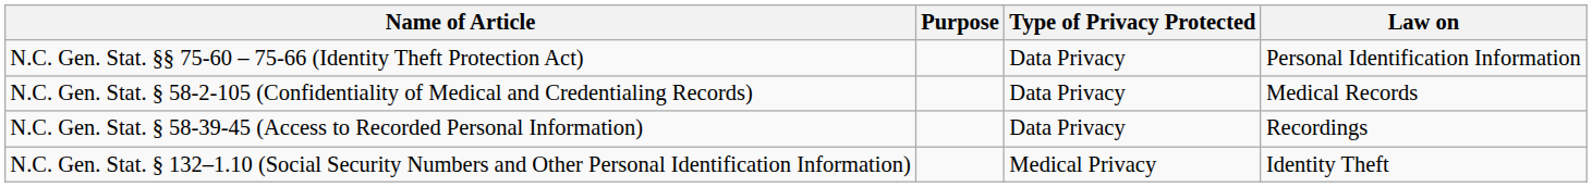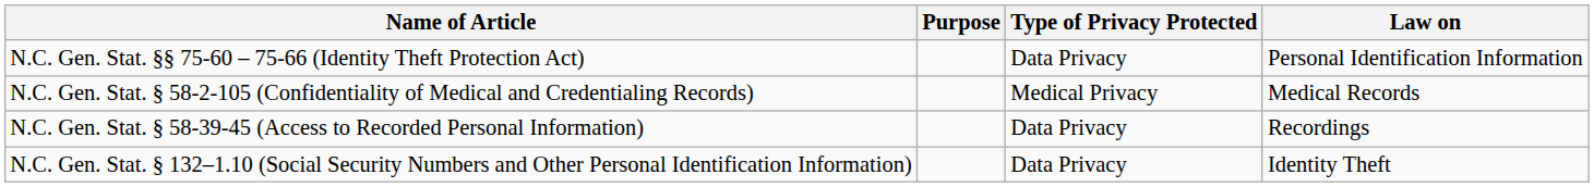 <table class="wikitable">
 <tr>
 <th>Name of Article</th>
 <th>Purpose</th>
 <th>Type of Privacy Protected</th>
 <th>Law on</th>
 </tr>
 <tr>
 <td>N.C. Gen. Stat. §§ 75-60 – 75-66 (Identity Theft Protection Act)</td>
 <td></td>
 <td>Data Privacy</td>
 <td>Personal Identification Information</td>
 </tr>
 <tr>
 <td>N.C. Gen. Stat. § 58-2-105 (Confidentiality of Medical and Credentialing Records)</td>
 <td></td>
-<td>Data Privacy</td>
+<td>Medical Privacy</td>
 <td>Medical Records</td>
 </tr>
 <tr>
 <td>N.C. Gen. Stat. § 58-39-45 (Access to Recorded Personal Information)</td>
 <td></td>
 <td>Data Privacy</td>
 <td>Recordings</td>
 </tr>
 <tr>
 <td>N.C. Gen. Stat. § 132–1.10 (Social Security Numbers and Other Personal Identification Information)</td>
 <td></td>
-<td>Medical Privacy</td>
+<td>Data Privacy</td>
 <td>Identity Theft</td>
 </tr>
 </table>
